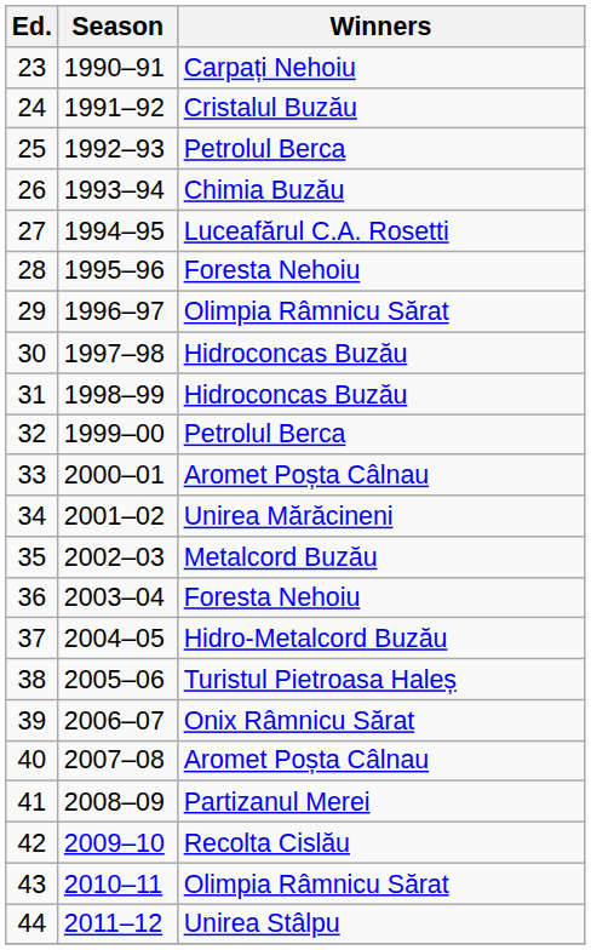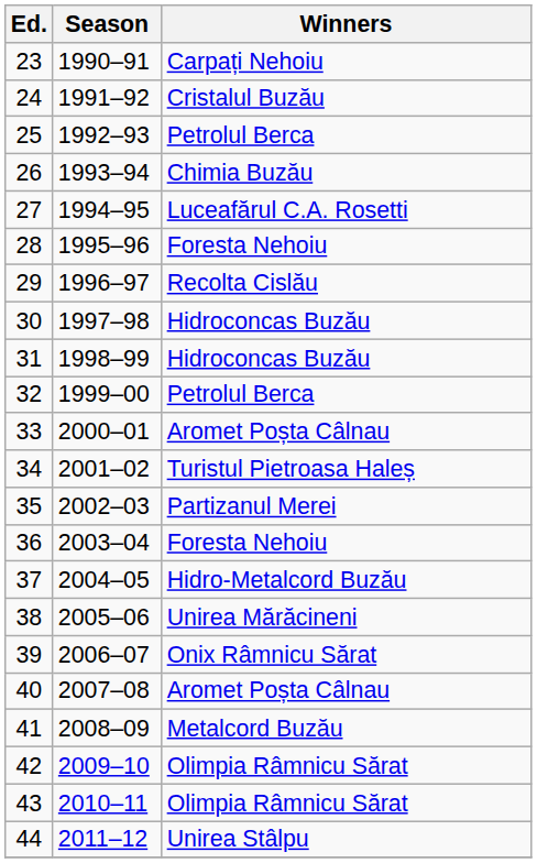 <table class="wikitable" style="font-size:90%">
 <tr>
 <th><abbr>Ed.</abbr></th>
 <th width="60">Season</th>
 <th width="220">Winners</th>
 </tr>
 <tr>
 <td align=center>23</td>
 <td>1990–91</td>
 <td><a href='#'>Carpați Nehoiu</a></td>
 </tr>
 <tr>
 <td align=center>24</td>
 <td>1991–92</td>
 <td><a href='#'>Cristalul Buzău</a></td>
 </tr>
 <tr>
 <td align=center>25</td>
 <td>1992–93</td>
 <td><a href='#'>Petrolul Berca</a></td>
 </tr>
 <tr>
 <td align=center>26</td>
 <td>1993–94</td>
 <td><a href='#'>Chimia Buzău</a></td>
 </tr>
 <tr>
 <td align=center>27</td>
 <td>1994–95</td>
 <td><a href='#'>Luceafărul C.A. Rosetti</a></td>
 </tr>
 <tr>
 <td align=center>28</td>
 <td>1995–96</td>
 <td><a href='#'>Foresta Nehoiu</a></td>
 </tr>
 <tr>
 <td align=center>29</td>
 <td>1996–97</td>
-<td><a href='#'>Olimpia Râmnicu Sărat</a></td>
+<td><a href='#'>Recolta Cislău</a></td>
 </tr>
 <tr>
 <td align=center>30</td>
 <td>1997–98</td>
 <td><a href='#'>Hidroconcas Buzău</a></td>
 </tr>
 <tr>
 <td align=center>31</td>
 <td>1998–99</td>
 <td><a href='#'>Hidroconcas Buzău</a></td>
 </tr>
 <tr>
 <td align=center>32</td>
 <td>1999–00</td>
 <td><a href='#'>Petrolul Berca</a></td>
 </tr>
 <tr>
 <td align=center>33</td>
 <td>2000–01</td>
 <td><a href='#'>Aromet Poșta Câlnau</a></td>
 </tr>
 <tr>
 <td align=center>34</td>
 <td>2001–02</td>
-<td><a href='#'>Unirea Mărăcineni</a></td>
+<td><a href='#'>Turistul Pietroasa Haleș</a></td>
 </tr>
 <tr>
 <td align=center>35</td>
 <td>2002–03</td>
-<td><a href='#'>Metalcord Buzău</a></td>
+<td><a href='#'>Partizanul Merei</a></td>
 </tr>
 <tr>
 <td align=center>36</td>
 <td>2003–04</td>
 <td><a href='#'>Foresta Nehoiu</a></td>
 </tr>
 <tr>
 <td align=center>37</td>
 <td>2004–05</td>
 <td><a href='#'>Hidro-Metalcord Buzău</a></td>
 </tr>
 <tr>
 <td align=center>38</td>
 <td>2005–06</td>
-<td><a href='#'>Turistul Pietroasa Haleș</a></td>
+<td><a href='#'>Unirea Mărăcineni</a></td>
 </tr>
 <tr>
 <td align=center>39</td>
 <td>2006–07</td>
 <td><a href='#'>Onix Râmnicu Sărat</a></td>
 </tr>
 <tr>
 <td align=center>40</td>
 <td>2007–08</td>
 <td><a href='#'>Aromet Poșta Câlnau</a></td>
 </tr>
 <tr>
 <td align=center>41</td>
 <td>2008–09</td>
-<td><a href='#'>Partizanul Merei</a></td>
+<td><a href='#'>Metalcord Buzău</a></td>
 </tr>
 <tr>
 <td align=center>42</td>
 <td><a href='#'>2009–10</a></td>
-<td><a href='#'>Recolta Cislău</a></td>
+<td><a href='#'>Olimpia Râmnicu Sărat</a></td>
 </tr>
 <tr>
 <td align=center>43</td>
 <td><a href='#'>2010–11</a></td>
 <td><a href='#'>Olimpia Râmnicu Sărat</a></td>
 </tr>
 <tr>
 <td align=center>44</td>
 <td><a href='#'>2011–12</a></td>
 <td><a href='#'>Unirea Stâlpu</a></td>
 </tr>
 <tr>
 </tr>
 </table>
